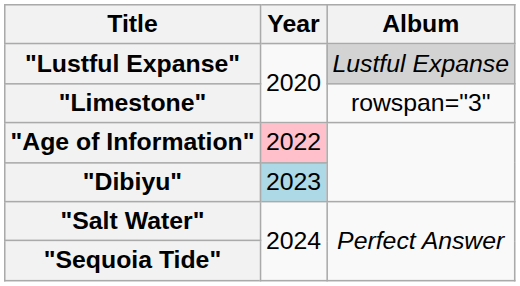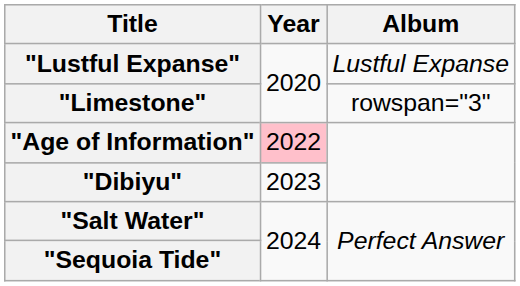 <table class="wikitable plainrowheaders" style="text-align:center;">
 <tr>
 <th - scope="col">Title</th>
 <th scope="col">Year</th>
 <th scope="col">Album</th>
 </tr>
 <tr>
 <th scope="row">"Lustful Expanse"</th>
 <td rowspan="2">2020</td>
-<td style="background: lightgrey;"><em>Lustful Expanse</em></td>
+<td><em>Lustful Expanse</em></td>
 </tr>
 <tr>
 <th scope="row">"Limestone"</th>
 <td>rowspan="3"  </td>
 </tr>
 <tr>
 <th scope="row">"Age of Information"</th>
 <td style="background: pink;">2022</td>
 </tr>
 <tr>
 <th scope="row">"Dibiyu"<br></th>
-<td style="background: lightblue;">2023</td>
+<td>2023</td>
 </tr>
 <tr>
 <th scope="row">"Salt Water"</th>
 <td rowspan="2">2024</td>
 <td rowspan="2"><em>Perfect Answer</em></td>
 </tr>
 <tr>
 <th scope="row">"Sequoia Tide" </th>
 </tr>
 </table>
